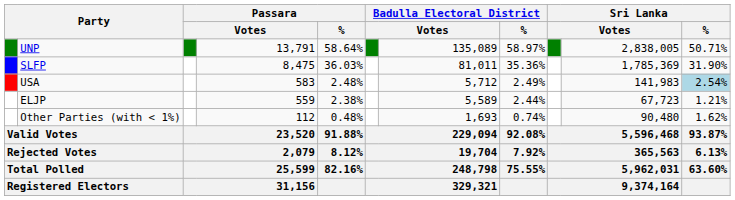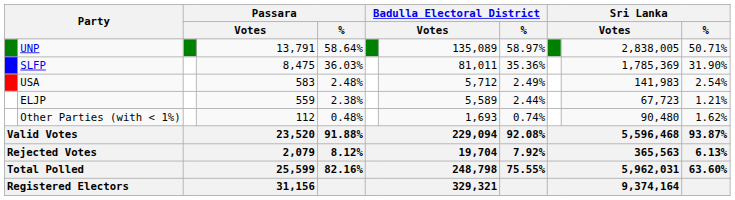 <table class="wikitable">
 <tr>
 <th colspan="2" width="144px"rowspan="2">Party</th>
 <th colspan="3" width="216px">Passara</th>
 <th colspan="3" width="216px"><a href='#'>Badulla Electoral District</a></th>
 <th colspan="3" width="216px">Sri Lanka</th>
 </tr>
 <tr>
 <th colspan="2" width="144px">Votes</th>
 <th>%</th>
 <th colspan="2" width="144px">Votes</th>
 <th>%</th>
 <th colspan="2" width="144px">Votes</th>
 <th>%</th>
 </tr>
 <tr>
 <td style="background-color:green;" width="10px"></td>
 <td style="text-align:left;"><a href='#'>UNP</a></td>
 <td style="background-color:green;" width="10px"></td>
 <td style="text-align:right;">13,791</td>
 <td style="text-align:right;">58.64%</td>
 <td style="background-color:green;" width="10px"></td>
 <td style="text-align:right;">135,089</td>
 <td style="text-align:right;">58.97%</td>
 <td style="background-color:green;" width="10px"></td>
 <td style="text-align:right;">2,838,005</td>
 <td style="text-align:right;">50.71%</td>
 </tr>
 <tr>
 <td style="background-color:blue;" width="10px"></td>
 <td style="text-align:left;"><a href='#'>SLFP</a></td>
 <td style="background-color:white;" width="10px"></td>
 <td style="text-align:right;">8,475</td>
 <td style="text-align:right;">36.03%</td>
 <td style="background-color:white;" width="10px"></td>
 <td style="text-align:right;">81,011</td>
 <td style="text-align:right;">35.36%</td>
 <td style="background-color:white;" width="10px"></td>
 <td style="text-align:right;">1,785,369</td>
 <td style="text-align:right;">31.90%</td>
 </tr>
 <tr>
 <td style="background-color:red;" width="10px"></td>
 <td style="text-align:left;">USA</td>
 <td style="background-color:white;" width="10px"></td>
 <td style="text-align:right;">583</td>
 <td style="text-align:right;">2.48%</td>
 <td style="background-color:white;" width="10px"></td>
 <td style="text-align:right;">5,712</td>
 <td style="text-align:right;">2.49%</td>
 <td style="background-color:white;" width="10px"></td>
 <td style="text-align:right;">141,983</td>
-<td style="background: lightblue; text-align:right;">2.54%</td>
+<td style="text-align:right;">2.54%</td>
 </tr>
 <tr>
 <td style="background-color:white;" width="10px"></td>
 <td style="text-align:left;">ELJP</td>
 <td style="background-color:white;" width="10px"></td>
 <td style="text-align:right;">559</td>
 <td style="text-align:right;">2.38%</td>
 <td style="background-color:white;" width="10px"></td>
 <td style="text-align:right;">5,589</td>
 <td style="text-align:right;">2.44%</td>
 <td style="background-color:white;" width="10px"></td>
 <td style="text-align:right;">67,723</td>
 <td style="text-align:right;">1.21%</td>
 </tr>
 <tr>
 <td style="background-color:white;" width="10px"></td>
 <td style="text-align:left;">Other Parties (with < 1%)</td>
 <td style="background-color:white;" width="10px"></td>
 <td style="text-align:right;">112</td>
 <td style="text-align:right;">0.48%</td>
 <td style="background-color:white;" width="10px"></td>
 <td style="text-align:right;">1,693</td>
 <td style="text-align:right;">0.74%</td>
 <td style="background-color:white;" width="10px"></td>
 <td style="text-align:right;">90,480</td>
 <td style="text-align:right;">1.62%</td>
 </tr>
 <tr>
 <th colspan="2" width="144px"style="text-align:left;">Valid Votes</th>
 <th style="text-align:right;"colspan="2" width="144px">23,520</th>
 <th style="text-align:right;">91.88%</th>
 <th style="text-align:right;"colspan="2" width="144px">229,094</th>
 <th style="text-align:right;">92.08%</th>
 <th style="text-align:right;"colspan="2" width="144px">5,596,468</th>
 <th style="text-align:right;">93.87%</th>
 </tr>
 <tr>
 <th colspan="2" width="144px"style="text-align:left;">Rejected Votes</th>
 <th style="text-align:right;"colspan="2" width="144px">2,079</th>
 <th style="text-align:right;">8.12%</th>
 <th style="text-align:right;"colspan="2" width="144px">19,704</th>
 <th style="text-align:right;">7.92%</th>
 <th style="text-align:right;"colspan="2" width="144px">365,563</th>
 <th style="text-align:right;">6.13%</th>
 </tr>
 <tr>
 <th colspan="2" width="144px"style="text-align:left;">Total Polled</th>
 <th style="text-align:right;"colspan="2" width="144px">25,599</th>
 <th style="text-align:right;">82.16%</th>
 <th style="text-align:right;"colspan="2" width="144px">248,798</th>
 <th style="text-align:right;">75.55%</th>
 <th style="text-align:right;"colspan="2" width="144px">5,962,031</th>
 <th style="text-align:right;">63.60%</th>
 </tr>
 <tr>
 <th colspan="2" width="144px"style="text-align:left;">Registered Electors</th>
 <th style="text-align:right;"colspan="2" width="144px">31,156</th>
 <th></th>
 <th style="text-align:right;"colspan="2" width="144px">329,321</th>
 <th></th>
 <th style="text-align:right;"colspan="2" width="144px">9,374,164</th>
 <th></th>
 </tr>
 </table>
